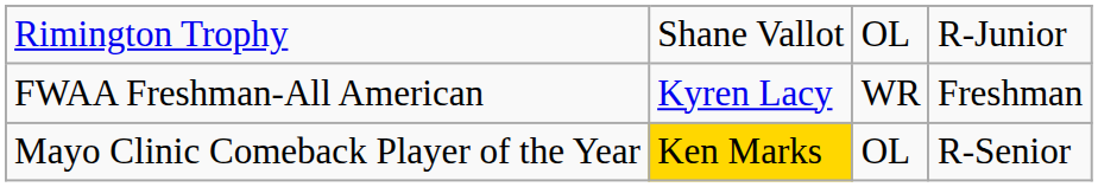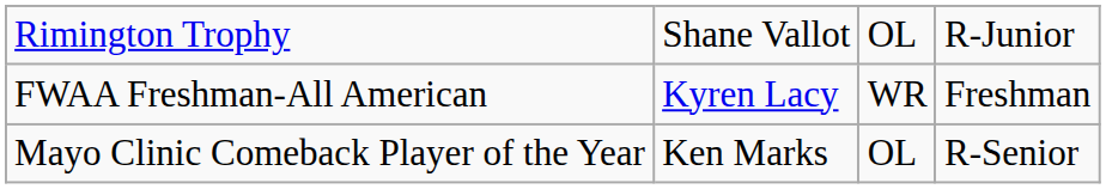 <table class="wikitable">
 <tr>
 <td><a href='#'>Rimington Trophy</a></td>
 <td>Shane Vallot</td>
 <td>OL</td>
 <td>R-Junior</td>
 </tr>
 <tr>
 <td>FWAA Freshman-All American</td>
 <td><a href='#'>Kyren Lacy</a></td>
 <td>WR</td>
 <td>Freshman</td>
 </tr>
 <tr>
 <td>Mayo Clinic Comeback Player of the Year</td>
-<td style="background: gold;">Ken Marks</td>
+<td>Ken Marks</td>
 <td>OL</td>
 <td>R-Senior</td>
 </tr>
 </table>
